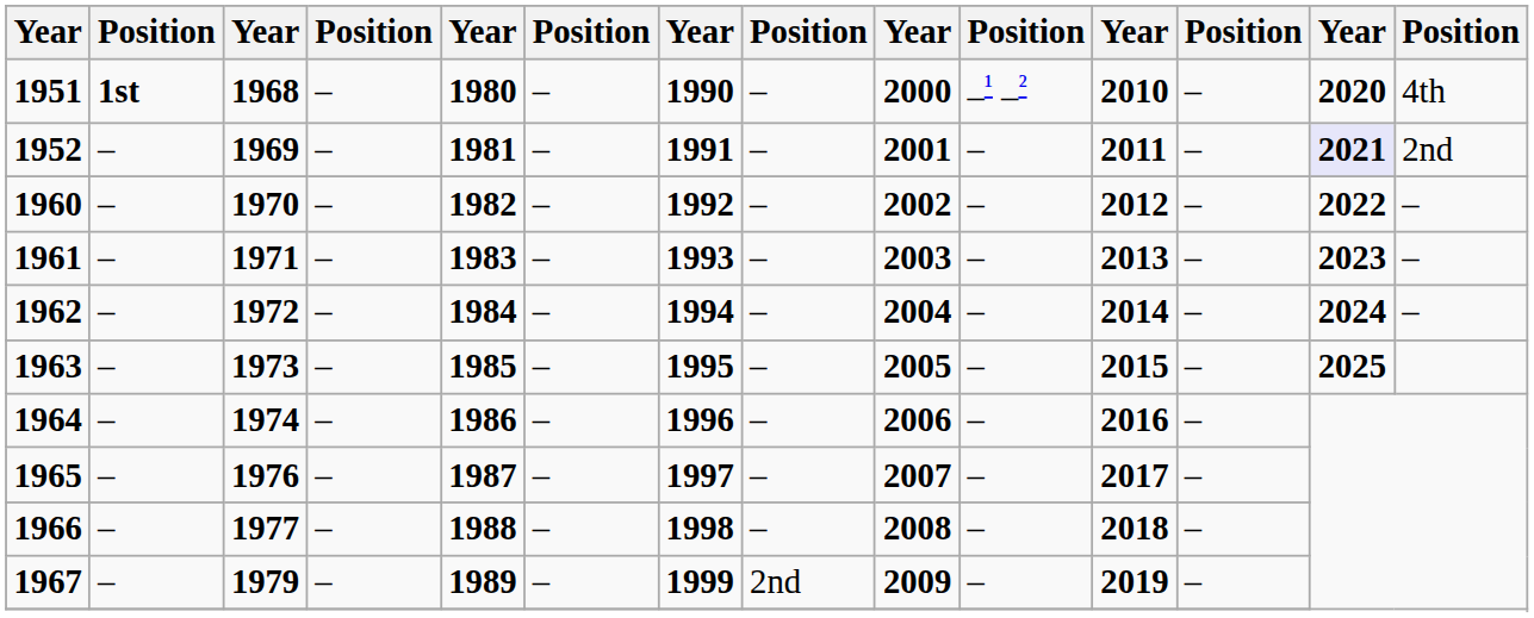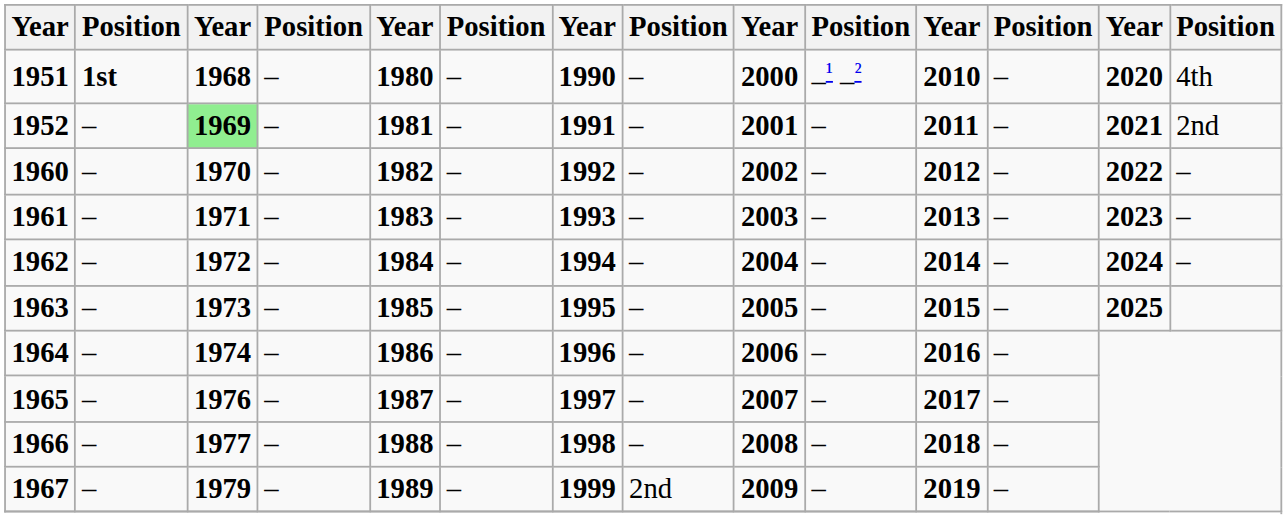 <table class="wikitable" style="margin:1em auto;">
 <tr>
 <th>Year</th>
 <th>Position</th>
 <th>Year</th>
 <th>Position</th>
 <th>Year</th>
 <th>Position</th>
 <th>Year</th>
 <th>Position</th>
 <th>Year</th>
 <th>Position</th>
 <th>Year</th>
 <th>Position</th>
 <th>Year</th>
 <th>Position</th>
 </tr>
 <tr>
 <td><strong>1951</strong></td>
 <td><strong>1st</strong></td>
 <td><strong>1968</strong></td>
 <td>–</td>
 <td><strong>1980</strong></td>
 <td>–</td>
 <td><strong>1990</strong></td>
 <td>–</td>
 <td><strong>2000</strong></td>
 <td>–<sup><a href='#'>¹</a></sup> –<sup><a href='#'>²</a></sup></td>
 <td><strong>2010</strong></td>
 <td>–</td>
 <td><strong>2020</strong></td>
 <td>4th</td>
 </tr>
 <tr>
 <td><strong>1952</strong></td>
 <td>–</td>
-<td><strong>1969</strong></td>
+<td style="background: lightgreen;"><strong>1969</strong></td>
 <td>–</td>
 <td><strong>1981</strong></td>
 <td>–</td>
 <td><strong>1991</strong></td>
 <td>–</td>
 <td><strong>2001</strong></td>
 <td>–</td>
 <td><strong>2011</strong></td>
 <td>–</td>
-<td style="background: lavender;"><strong>2021</strong></td>
+<td><strong>2021</strong></td>
 <td>2nd</td>
 </tr>
 <tr>
 <td><strong>1960</strong></td>
 <td>–</td>
 <td><strong>1970</strong></td>
 <td>–</td>
 <td><strong>1982</strong></td>
 <td>–</td>
 <td><strong>1992</strong></td>
 <td>–</td>
 <td><strong>2002</strong></td>
 <td>–</td>
 <td><strong>2012</strong></td>
 <td>–</td>
 <td><strong>2022</strong></td>
 <td>–</td>
 </tr>
 <tr>
 <td><strong>1961</strong></td>
 <td>–</td>
 <td><strong>1971</strong></td>
 <td>–</td>
 <td><strong>1983</strong></td>
 <td>–</td>
 <td><strong>1993</strong></td>
 <td>–</td>
 <td><strong>2003</strong></td>
 <td>–</td>
 <td><strong>2013</strong></td>
 <td>–</td>
 <td><strong>2023</strong></td>
 <td>–</td>
 </tr>
 <tr>
 <td><strong>1962</strong></td>
 <td>–</td>
 <td><strong>1972</strong></td>
 <td>–</td>
 <td><strong>1984</strong></td>
 <td>–</td>
 <td><strong>1994</strong></td>
 <td>–</td>
 <td><strong>2004</strong></td>
 <td>–</td>
 <td><strong>2014</strong></td>
 <td>–</td>
 <td><strong>2024</strong></td>
 <td>–</td>
 </tr>
 <tr>
 <td><strong>1963</strong></td>
 <td>–</td>
 <td><strong>1973</strong></td>
 <td>–</td>
 <td><strong>1985</strong></td>
 <td>–</td>
 <td><strong>1995</strong></td>
 <td>–</td>
 <td><strong>2005</strong></td>
 <td>–</td>
 <td><strong>2015</strong></td>
 <td>–</td>
 <td><strong>2025</strong></td>
 <td></td>
 </tr>
 <tr>
 <td><strong>1964</strong></td>
 <td>–</td>
 <td><strong>1974</strong></td>
 <td>–</td>
 <td><strong>1986</strong></td>
 <td>–</td>
 <td><strong>1996</strong></td>
 <td>–</td>
 <td><strong>2006</strong></td>
 <td>–</td>
 <td><strong>2016</strong></td>
 <td>–</td>
 </tr>
 <tr>
 <td><strong>1965</strong></td>
 <td>–</td>
 <td><strong>1976</strong></td>
 <td>–</td>
 <td><strong>1987</strong></td>
 <td>–</td>
 <td><strong>1997</strong></td>
 <td>–</td>
 <td><strong>2007</strong></td>
 <td>–</td>
 <td><strong>2017</strong></td>
 <td>–</td>
 </tr>
 <tr>
 <td><strong>1966</strong></td>
 <td>–</td>
 <td><strong>1977</strong></td>
 <td>–</td>
 <td><strong>1988</strong></td>
 <td>–</td>
 <td><strong>1998</strong></td>
 <td>–</td>
 <td><strong>2008</strong></td>
 <td>–</td>
 <td><strong>2018</strong></td>
 <td>–</td>
 </tr>
 <tr>
 <td><strong>1967</strong></td>
 <td>–</td>
 <td><strong>1979</strong></td>
 <td>–</td>
 <td><strong>1989</strong></td>
 <td>–</td>
 <td><strong>1999</strong></td>
 <td>2nd</td>
 <td><strong>2009</strong></td>
 <td>–</td>
 <td><strong>2019</strong></td>
 <td>–</td>
 </tr>
 <tr>
 </tr>
 </table>
